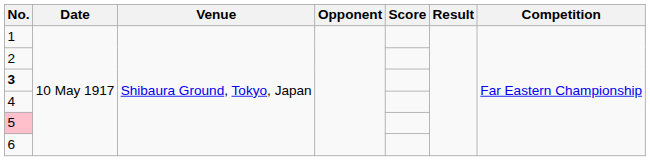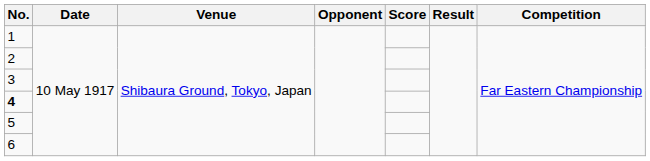 <table class="wikitable sortable plainrowheaders">
 <tr>
 <th scope=col>No.</th>
 <th scope=col>Date</th>
 <th scope=col>Venue</th>
 <th scope=col>Opponent</th>
 <th scope=col>Score</th>
 <th scope=col>Result</th>
 <th scope=col>Competition</th>
 </tr>
 <tr>
 <td>1</td>
 <td rowspan="6">10 May 1917</td>
 <td rowspan="6"><a href='#'>Shibaura Ground</a>, <a href='#'>Tokyo</a>, Japan</td>
 <td rowspan="6"></td>
 <td></td>
 <td rowspan="6"></td>
 <td rowspan="6"><a href='#'>Far Eastern Championship</a></td>
 </tr>
 <tr>
 <td>2</td>
 <td></td>
 </tr>
 <tr>
-<td><strong>3</strong></td>
+<td>3</td>
 <td></td>
 </tr>
 <tr>
-<td>4</td>
+<td><strong>4</strong></td>
 <td></td>
 </tr>
 <tr>
-<td style="background: pink;">5</td>
+<td>5</td>
 <td></td>
 </tr>
 <tr>
 <td>6</td>
 <td></td>
 </tr>
 </table>
